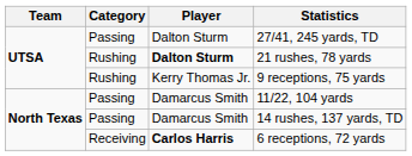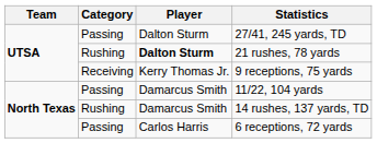 <table class="wikitable" style="float: left;">
 <tr>
 <th>Team</th>
 <th>Category</th>
 <th>Player</th>
 <th>Statistics</th>
 </tr>
 <tr>
 <td rowspan=3><strong>UTSA</strong></td>
 <td>Passing</td>
 <td>Dalton Sturm</td>
 <td>27/41, 245 yards, TD</td>
 </tr>
 <tr>
 <td>Rushing</td>
 <td><strong>Dalton Sturm</strong></td>
 <td>21 rushes, 78 yards</td>
 </tr>
 <tr>
-<td>Rushing</td>
+<td>Receiving</td>
 <td>Kerry Thomas Jr.</td>
 <td>9 receptions, 75 yards</td>
 </tr>
 <tr>
 <td rowspan=3><strong>North Texas</strong></td>
 <td>Passing</td>
 <td>Damarcus Smith</td>
 <td>11/22, 104 yards</td>
 </tr>
 <tr>
-<td>Passing</td>
+<td>Rushing</td>
 <td>Damarcus Smith</td>
 <td>14 rushes, 137 yards, TD</td>
 </tr>
 <tr>
-<td>Receiving</td>
-<td><strong>Carlos Harris</strong></td>
+<td>Passing</td>
+<td>Carlos Harris</td>
 <td>6 receptions, 72 yards</td>
 </tr>
 </table>
